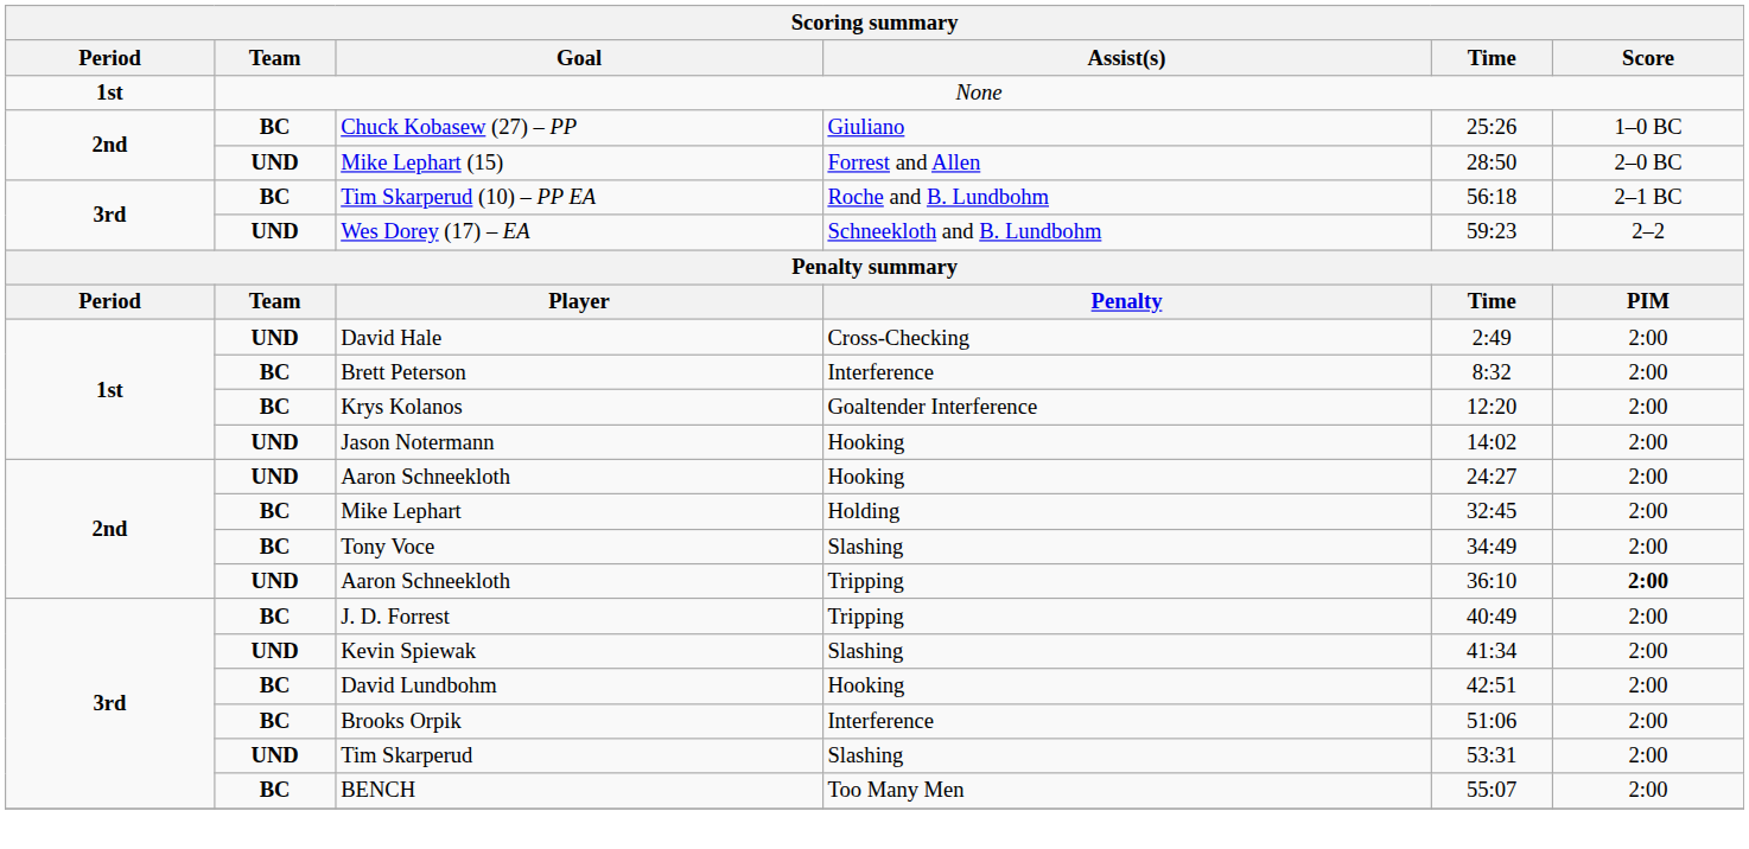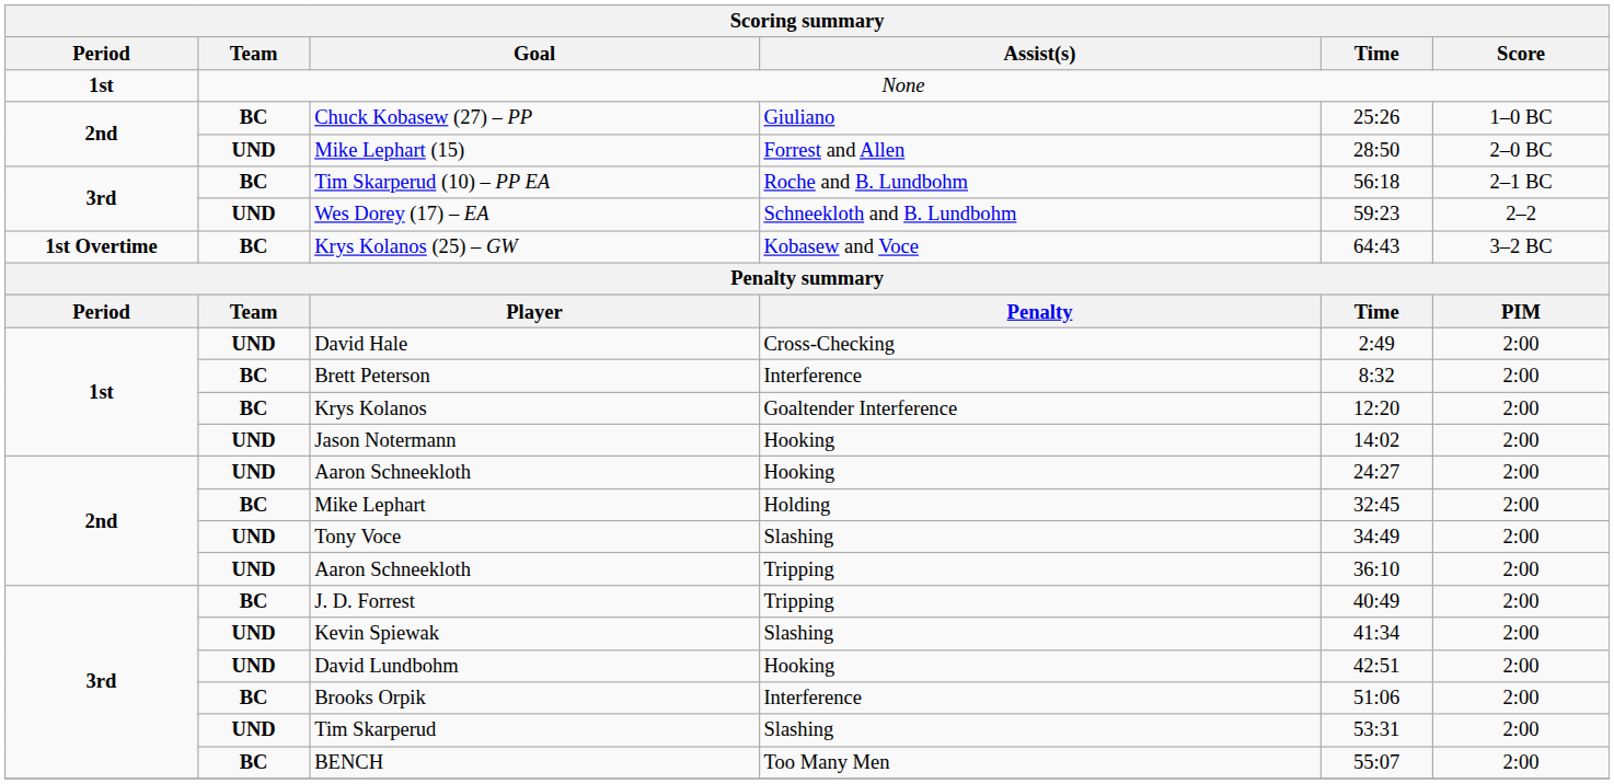 <table style="width:100%;" class="wikitable">
 <tr>
 <th colspan=6>Scoring summary</th>
 </tr>
 <tr>
 <th style="width:12%;">Period</th>
 <th style="width:7%;">Team</th>
 <th style="width:28%;">Goal</th>
 <th style="width:35%;">Assist(s)</th>
 <th style="width:7%;">Time</th>
 <th style="width:11%;">Score</th>
 </tr>
 <tr>
 <td align=center><strong>1st</strong></td>
 <td style="text-align:center;" colspan="5"><em>None</em></td>
 </tr>
 <tr>
 <td style="text-align:center;" rowspan="2"><strong>2nd</strong></td>
 <td align=center><strong>BC</strong></td>
 <td><a href='#'>Chuck Kobasew</a> (27) – <em>PP</em></td>
 <td><a href='#'>Giuliano</a></td>
 <td align=center>25:26</td>
 <td align=center>1–0 BC</td>
 </tr>
 <tr>
 <td align=center><strong>UND</strong></td>
 <td><a href='#'>Mike Lephart</a> (15)</td>
 <td><a href='#'>Forrest</a> and <a href='#'>Allen</a></td>
 <td align=center>28:50</td>
 <td align=center>2–0 BC</td>
 </tr>
 <tr>
 <td style="text-align:center;" rowspan="2"><strong>3rd</strong></td>
 <td align=center><strong>BC</strong></td>
 <td><a href='#'>Tim Skarperud</a> (10) – <em>PP EA</em></td>
 <td><a href='#'>Roche</a> and <a href='#'>B. Lundbohm</a></td>
 <td align=center>56:18</td>
 <td align=center>2–1 BC</td>
 </tr>
 <tr>
 <td align=center><strong>UND</strong></td>
 <td><a href='#'>Wes Dorey</a> (17) – <em>EA</em></td>
 <td><a href='#'>Schneekloth</a> and <a href='#'>B. Lundbohm</a></td>
 <td align=center>59:23</td>
 <td align=center>2–2</td>
+</tr>
+<tr>
+<td align=center><strong>1st Overtime</strong></td>
+<td align=center><strong>BC</strong></td>
+<td><a href='#'>Krys Kolanos</a> (25) – <em>GW</em></td>
+<td><a href='#'>Kobasew</a> and <a href='#'>Voce</a></td>
+<td align=center>64:43</td>
+<td align=center>3–2 BC</td>
 </tr>
 <tr>
 <th colspan=6>Penalty summary</th>
 </tr>
 <tr>
 <th style="width:12%;">Period</th>
 <th style="width:7%;">Team</th>
 <th style="width:28%;">Player</th>
 <th style="width:35%;"><a href='#'>Penalty</a></th>
 <th style="width:7%;">Time</th>
 <th style="width:11%;">PIM</th>
 </tr>
 <tr>
 <td style="text-align:center;" rowspan="4"><strong>1st</strong></td>
 <td align=center><strong>UND</strong></td>
 <td>David Hale</td>
 <td>Cross-Checking</td>
 <td align=center>2:49</td>
 <td align=center>2:00</td>
 </tr>
 <tr>
 <td align=center><strong>BC</strong></td>
 <td>Brett Peterson</td>
 <td>Interference</td>
 <td align=center>8:32</td>
 <td align=center>2:00</td>
 </tr>
 <tr>
 <td align=center><strong>BC</strong></td>
 <td>Krys Kolanos</td>
 <td>Goaltender Interference</td>
 <td align=center>12:20</td>
 <td align=center>2:00</td>
 </tr>
 <tr>
 <td align=center><strong>UND</strong></td>
 <td>Jason Notermann</td>
 <td>Hooking</td>
 <td align=center>14:02</td>
 <td align=center>2:00</td>
 </tr>
 <tr>
 <td style="text-align:center;" rowspan="4"><strong>2nd</strong></td>
 <td align=center><strong>UND</strong></td>
 <td>Aaron Schneekloth</td>
 <td>Hooking</td>
 <td align=center>24:27</td>
 <td align=center>2:00</td>
 </tr>
 <tr>
 <td align=center><strong>BC</strong></td>
 <td>Mike Lephart</td>
 <td>Holding</td>
 <td align=center>32:45</td>
 <td align=center>2:00</td>
 </tr>
 <tr>
-<td align=center><strong>BC</strong></td>
+<td align=center><strong>UND</strong></td>
 <td>Tony Voce</td>
 <td>Slashing</td>
 <td align=center>34:49</td>
 <td align=center>2:00</td>
 </tr>
 <tr>
 <td align=center><strong>UND</strong></td>
 <td>Aaron Schneekloth</td>
 <td>Tripping</td>
 <td align=center>36:10</td>
-<td align=center><strong>2:00</strong></td>
+<td align=center>2:00</td>
 </tr>
 <tr>
 <td style="text-align:center;" rowspan="6"><strong>3rd</strong></td>
 <td align=center><strong>BC</strong></td>
 <td>J. D. Forrest</td>
 <td>Tripping</td>
 <td align=center>40:49</td>
 <td align=center>2:00</td>
 </tr>
 <tr>
 <td align=center><strong>UND</strong></td>
 <td>Kevin Spiewak</td>
 <td>Slashing</td>
 <td align=center>41:34</td>
 <td align=center>2:00</td>
 </tr>
 <tr>
-<td align=center><strong>BC</strong></td>
+<td align=center><strong>UND</strong></td>
 <td>David Lundbohm</td>
 <td>Hooking</td>
 <td align=center>42:51</td>
 <td align=center>2:00</td>
 </tr>
 <tr>
 <td align=center><strong>BC</strong></td>
 <td>Brooks Orpik</td>
 <td>Interference</td>
 <td align=center>51:06</td>
 <td align=center>2:00</td>
 </tr>
 <tr>
 <td align=center><strong>UND</strong></td>
 <td>Tim Skarperud</td>
 <td>Slashing</td>
 <td align=center>53:31</td>
 <td align=center>2:00</td>
 </tr>
 <tr>
 <td align=center><strong>BC</strong></td>
 <td>BENCH</td>
 <td>Too Many Men</td>
 <td align=center>55:07</td>
 <td align=center>2:00</td>
 </tr>
 <tr>
 </tr>
 </table>
